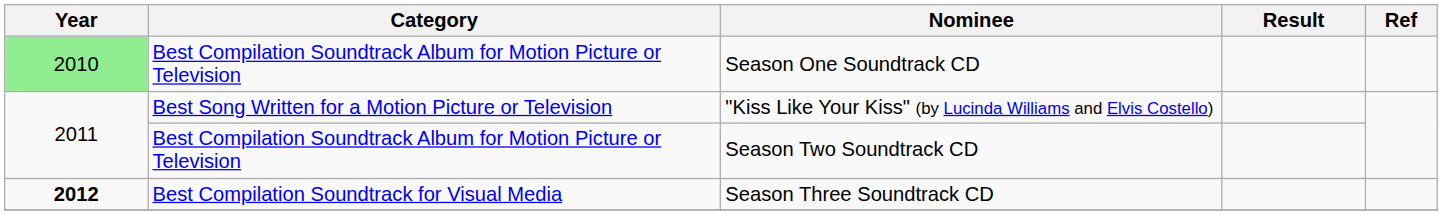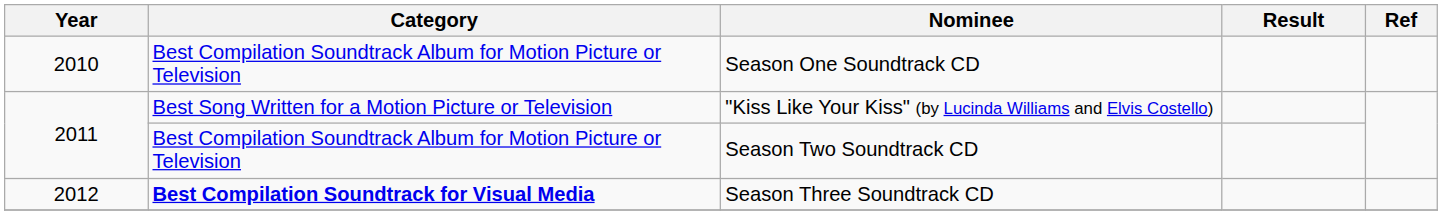 <table class="wikitable" width="90%">
 <tr>
 <th width="10%">Year</th>
 <th width="40%">Category</th>
 <th width="35%">Nominee</th>
 <th width="10%">Result</th>
 <th width="5%">Ref</th>
 </tr>
 <tr>
-<td align="center" style="background: lightgreen;">2010</td>
+<td align="center">2010</td>
 <td><a href='#'>Best Compilation Soundtrack Album for Motion Picture or Television</a></td>
 <td>Season One Soundtrack CD</td>
 <td></td>
 <td align="center"></td>
 </tr>
 <tr>
 <td rowspan="2" align="center">2011</td>
 <td><a href='#'>Best Song Written for a Motion Picture or Television</a></td>
 <td>"Kiss Like Your Kiss" <small>(by <a href='#'>Lucinda Williams</a> and <a href='#'>Elvis Costello</a>)</small></td>
 <td></td>
 <td rowspan="2" align="center"></td>
 </tr>
 <tr>
 <td><a href='#'>Best Compilation Soundtrack Album for Motion Picture or Television</a></td>
 <td>Season Two Soundtrack CD</td>
 <td></td>
 </tr>
 <tr>
-<td rowspan="1" align="center"><strong>2012</strong></td>
-<td><a href='#'>Best Compilation Soundtrack for Visual Media</a></td>
+<td rowspan="1" align="center">2012</td>
+<td><strong><a href='#'>Best Compilation Soundtrack for Visual Media</a></strong></td>
 <td>Season Three Soundtrack CD</td>
 <td></td>
 <td align="center"></td>
 </tr>
 <tr>
 </tr>
 </table>
